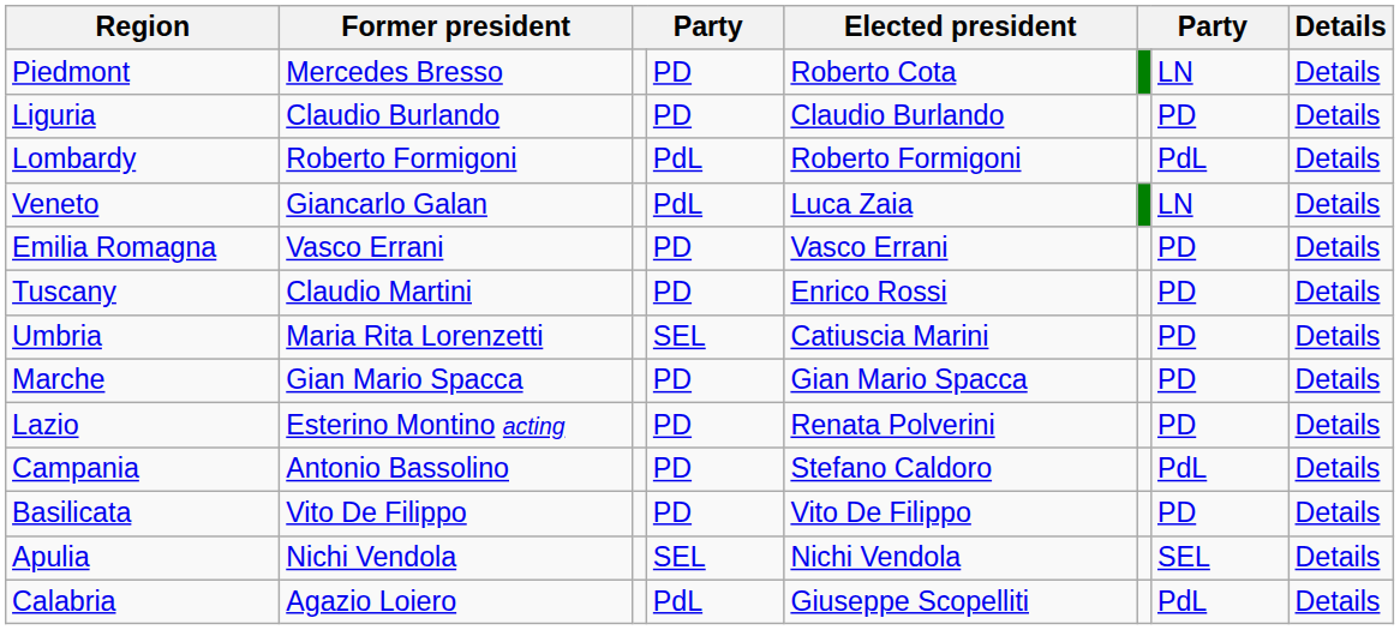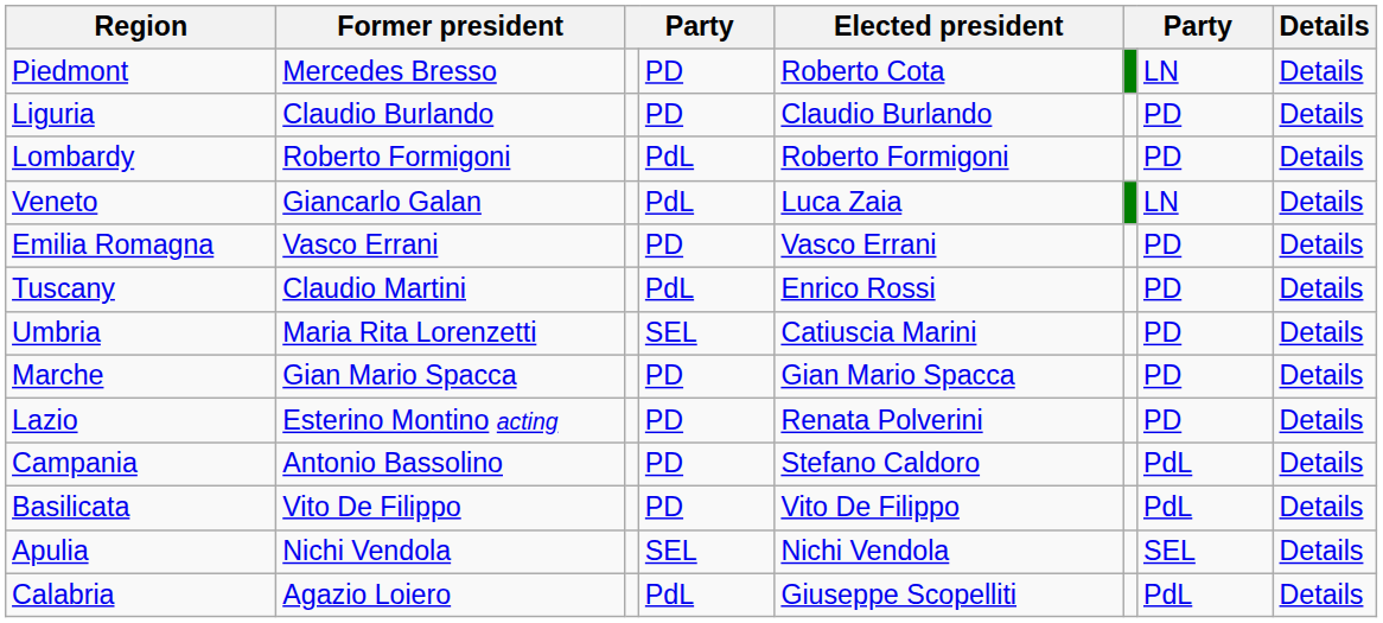 <table class="wikitable" style="valign:top;">
 <tr>
 <th style="width:150px;">Region</th>
 <th style="width:195px;">Former president</th>
 <th colspan=2 style="width:80px;">Party</th>
 <th style="width:195px;">Elected president</th>
 <th colspan=2 style="width:80px;">Party</th>
 <th>Details</th>
 </tr>
 <tr>
 <td><a href='#'>Piedmont</a></td>
 <td><a href='#'>Mercedes Bresso</a></td>
 <td width="1"></td>
 <td align="left"><a href='#'>PD</a></td>
 <td><a href='#'>Roberto Cota</a></td>
 <td width="1" bgcolor="#008000"></td>
 <td align="left"><a href='#'>LN</a></td>
 <td><a href='#'>Details</a></td>
 </tr>
 <tr>
 <td><a href='#'>Liguria</a></td>
 <td><a href='#'>Claudio Burlando</a></td>
 <td width="1"></td>
 <td align="left"><a href='#'>PD</a></td>
 <td><a href='#'>Claudio Burlando</a></td>
 <td width="1"></td>
 <td align="left"><a href='#'>PD</a></td>
 <td><a href='#'>Details</a></td>
 </tr>
 <tr>
 <td><a href='#'>Lombardy</a></td>
 <td><a href='#'>Roberto Formigoni</a></td>
 <td width="1"></td>
 <td align="left"><a href='#'>PdL</a></td>
 <td><a href='#'>Roberto Formigoni</a></td>
 <td width="1"></td>
-<td align="left"><a href='#'>PdL</a></td>
+<td align="left"><a href='#'>PD</a></td>
 <td><a href='#'>Details</a></td>
 </tr>
 <tr>
 <td><a href='#'>Veneto</a></td>
 <td><a href='#'>Giancarlo Galan</a></td>
 <td width="1"></td>
 <td align="left"><a href='#'>PdL</a></td>
 <td><a href='#'>Luca Zaia</a></td>
 <td width="1" bgcolor="#008000"></td>
 <td align="left"><a href='#'>LN</a></td>
 <td><a href='#'>Details</a></td>
 </tr>
 <tr>
 <td><a href='#'>Emilia Romagna</a></td>
 <td><a href='#'>Vasco Errani</a></td>
 <td width="1"></td>
 <td align="left"><a href='#'>PD</a></td>
 <td><a href='#'>Vasco Errani</a></td>
 <td width="1"></td>
 <td align="left"><a href='#'>PD</a></td>
 <td><a href='#'>Details</a></td>
 </tr>
 <tr>
 <td><a href='#'>Tuscany</a></td>
 <td><a href='#'>Claudio Martini</a></td>
 <td width="1"></td>
-<td align="left"><a href='#'>PD</a></td>
+<td align="left"><a href='#'>PdL</a></td>
 <td><a href='#'>Enrico Rossi</a></td>
 <td width="1"></td>
 <td align="left"><a href='#'>PD</a></td>
 <td><a href='#'>Details</a></td>
 </tr>
 <tr>
 <td><a href='#'>Umbria</a></td>
 <td><a href='#'>Maria Rita Lorenzetti</a></td>
 <td width="1"></td>
 <td align="left"><a href='#'>SEL</a></td>
 <td><a href='#'>Catiuscia Marini</a></td>
 <td width="1"></td>
 <td align="left"><a href='#'>PD</a></td>
 <td><a href='#'>Details</a></td>
 </tr>
 <tr>
 <td><a href='#'>Marche</a></td>
 <td><a href='#'>Gian Mario Spacca</a></td>
 <td width="1"></td>
 <td align="left"><a href='#'>PD</a></td>
 <td><a href='#'>Gian Mario Spacca</a></td>
 <td width="1"></td>
 <td align="left"><a href='#'>PD</a></td>
 <td><a href='#'>Details</a></td>
 </tr>
 <tr>
 <td><a href='#'>Lazio</a></td>
 <td><a href='#'>Esterino Montino</a> <small><em><a href='#'>acting</a></em></small></td>
 <td width="1"></td>
 <td align="left"><a href='#'>PD</a></td>
 <td><a href='#'>Renata Polverini</a></td>
 <td width="1"></td>
 <td align="left"><a href='#'>PD</a></td>
 <td><a href='#'>Details</a></td>
 </tr>
 <tr>
 <td><a href='#'>Campania</a></td>
 <td><a href='#'>Antonio Bassolino</a></td>
 <td width="1"></td>
 <td align="left"><a href='#'>PD</a></td>
 <td><a href='#'>Stefano Caldoro</a></td>
 <td width="1"></td>
 <td align="left"><a href='#'>PdL</a></td>
 <td><a href='#'>Details</a></td>
 </tr>
 <tr>
 <td><a href='#'>Basilicata</a></td>
 <td><a href='#'>Vito De Filippo</a></td>
 <td width="1"></td>
 <td align="left"><a href='#'>PD</a></td>
 <td><a href='#'>Vito De Filippo</a></td>
 <td width="1"></td>
-<td align="left"><a href='#'>PD</a></td>
+<td align="left"><a href='#'>PdL</a></td>
 <td><a href='#'>Details</a></td>
 </tr>
 <tr>
 <td><a href='#'>Apulia</a></td>
 <td><a href='#'>Nichi Vendola</a></td>
 <td width="1"></td>
 <td align="left"><a href='#'>SEL</a></td>
 <td><a href='#'>Nichi Vendola</a></td>
 <td width="1"></td>
 <td align="left"><a href='#'>SEL</a></td>
 <td><a href='#'>Details</a></td>
 </tr>
 <tr>
 <td><a href='#'>Calabria</a></td>
 <td><a href='#'>Agazio Loiero</a></td>
 <td width="1"></td>
 <td align="left"><a href='#'>PdL</a></td>
 <td><a href='#'>Giuseppe Scopelliti</a></td>
 <td width="1"></td>
 <td align="left"><a href='#'>PdL</a></td>
 <td><a href='#'>Details</a></td>
 </tr>
 </table>
